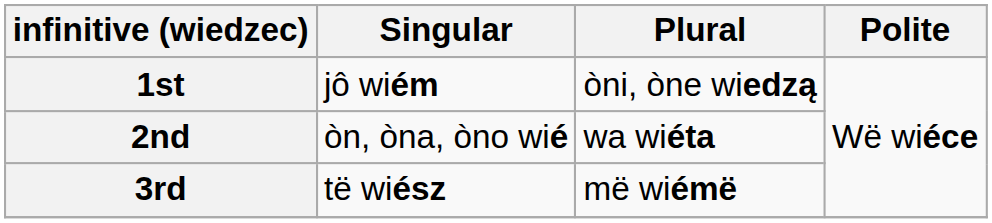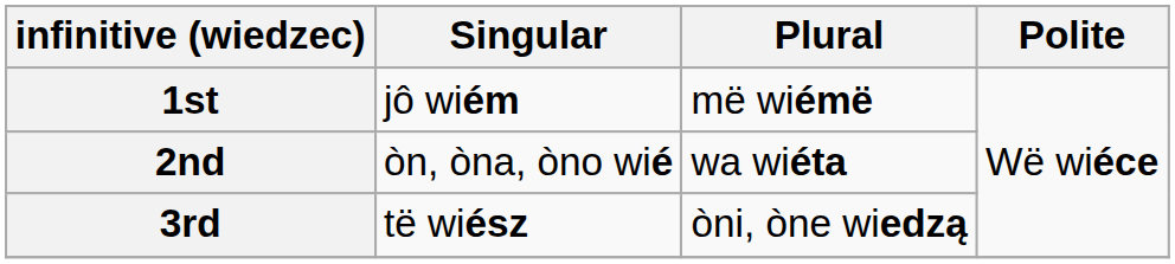 <table class="wikitable">
 <tr>
 <th>infinitive (wiedzec)</th>
 <th>Singular</th>
 <th>Plural</th>
 <th>Polite</th>
 </tr>
 <tr>
 <th>1st</th>
 <td>jô wi<strong>ém</strong></td>
-<td>òni, òne wi<strong>edzą</strong></td>
+<td>më wi<strong>émë</strong></td>
 <td rowspan="3">Wë  wi<strong>éce</strong></td>
 </tr>
 <tr>
 <th>2nd</th>
 <td>òn, òna, òno wi<strong>é</strong></td>
 <td>wa wi<strong>éta</strong></td>
 </tr>
 <tr>
 <th>3rd</th>
 <td>të wi<strong>ész</strong></td>
-<td>më wi<strong>émë</strong></td>
+<td>òni, òne wi<strong>edzą</strong></td>
 </tr>
 <tr>
 </tr>
 </table>
